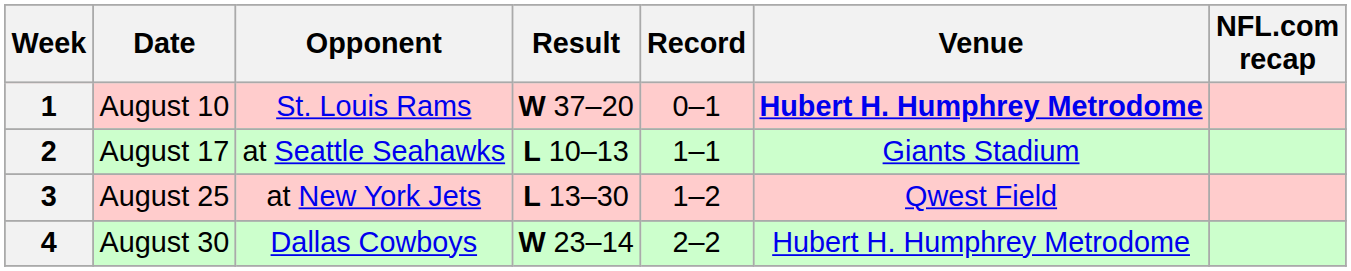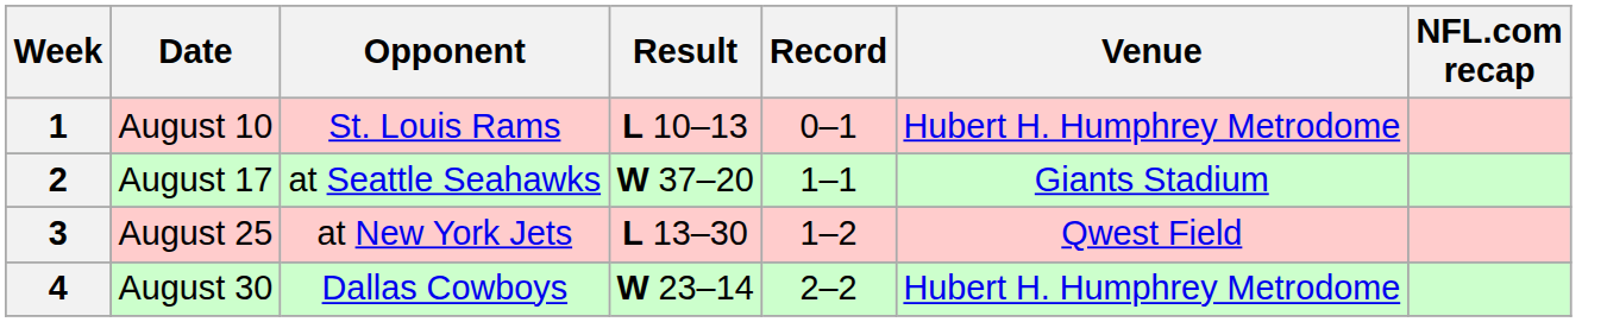 <table class="wikitable" style="text-align:center">
 <tr>
 <th>Week</th>
 <th>Date</th>
 <th>Opponent</th>
 <th>Result</th>
 <th>Record</th>
 <th>Venue</th>
 <th>NFL.com<br>recap</th>
 </tr>
 <tr style="background:#fcc">
 <th>1</th>
 <td>August 10</td>
 <td><a href='#'>St. Louis Rams</a></td>
-<td><strong>W</strong> 37–20</td>
+<td><strong>L</strong> 10–13</td>
 <td>0–1</td>
-<td><strong><a href='#'>Hubert H. Humphrey Metrodome</a></strong></td>
+<td><a href='#'>Hubert H. Humphrey Metrodome</a></td>
 <td></td>
 </tr>
 <tr style="background:#cfc">
 <th>2</th>
 <td>August 17</td>
 <td>at <a href='#'>Seattle Seahawks</a></td>
-<td><strong>L</strong> 10–13</td>
+<td><strong>W</strong> 37–20</td>
 <td>1–1</td>
 <td><a href='#'>Giants Stadium</a></td>
 <td></td>
 </tr>
 <tr style="background:#fcc">
 <th>3</th>
 <td>August 25</td>
 <td>at <a href='#'>New York Jets</a></td>
 <td><strong>L</strong> 13–30</td>
 <td>1–2</td>
 <td><a href='#'>Qwest Field</a></td>
 <td></td>
 </tr>
 <tr style="background:#cfc">
 <th>4</th>
 <td>August 30</td>
 <td><a href='#'>Dallas Cowboys</a></td>
 <td><strong>W</strong> 23–14</td>
 <td>2–2</td>
 <td><a href='#'>Hubert H. Humphrey Metrodome</a></td>
 <td></td>
 </tr>
 </table>
